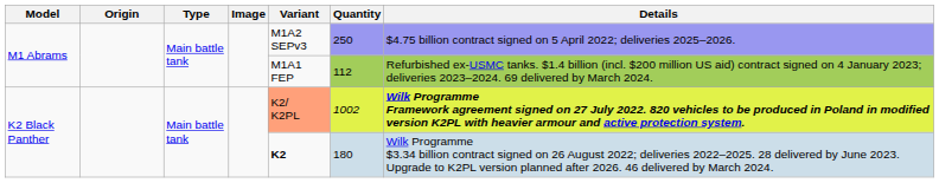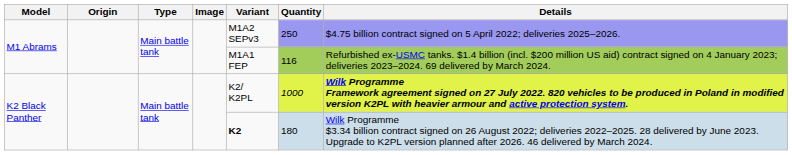 <table class="wikitable" width="100%">
 <tr>
 <th>Model</th>
 <th width="9%">Origin</th>
 <th>Type</th>
 <th>Image</th>
 <th>Variant</th>
 <th>Quantity</th>
 <th>Details</th>
 </tr>
 <tr>
 <td rowspan=2><a href='#'>M1 Abrams</a></td>
 <td rowspan=2></td>
 <td rowspan=2><a href='#'>Main battle tank</a></td>
 <td rowspan=2></td>
 <td>M1A2 SEPv3</td>
 <td style="background:#9997f0">250</td>
 <td style="background:#9997f0">$4.75 billion contract signed on 5 April 2022; deliveries 2025–2026.</td>
 </tr>
 <tr>
 <td>M1A1 FEP</td>
-<td style="background:#a2cd5a">112</td>
+<td style="background:#a2cd5a">116</td>
 <td style="background:#a2cd5a">Refurbished ex-<a href='#'>USMC</a> tanks. $1.4 billion (incl. $200 million US aid) contract signed on 4 January 2023; deliveries 2023–2024. 69 delivered by March 2024.</td>
 </tr>
 <tr>
 <td rowspan=2><a href='#'>K2 Black Panther</a></td>
 <td rowspan=2></td>
 <td rowspan=2><a href='#'>Main battle tank</a></td>
 <td rowspan=2></td>
-<td style="background: lightsalmon;">K2/<br>K2PL</td>
-<td style="background:#e1f249"><em>1002</em></td>
+<td>K2/<br>K2PL</td>
+<td style="background:#e1f249"><em>1000</em></td>
 <td style="background:#e1f249"><strong><em><a href='#'>Wilk</a><em> Programme<strong><br>Framework agreement signed on 27 July 2022. 820 vehicles to be produced in Poland in modified version K2PL with heavier armour and <a href='#'>active protection system</a>.</td>
 </tr>
 <tr>
 <td><strong>K2</strong></td>
 <td style="background:#ccdee9">180</td>
 <td style="background:#ccdee9"></em></strong><a href='#'>Wilk</a></em> Programme</strong><br>$3.34 billion contract signed on 26 August 2022; deliveries 2022–2025. 28 delivered by June 2023. Upgrade to K2PL version planned after 2026. 46 delivered by March 2024.</td>
 </tr>
 </table>
